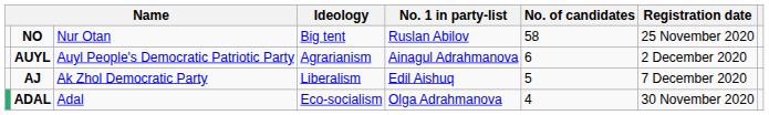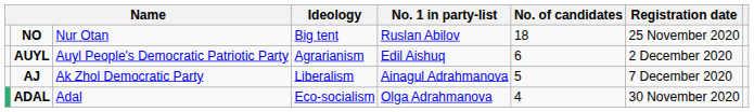 <table class="wikitable">
 <tr>
 <th colspan="3">Name</th>
 <th>Ideology</th>
 <th>No. 1 in party-list</th>
 <th>No. of candidates</th>
 <th>Registration date</th>
 <th></th>
 </tr>
 <tr>
 <td></td>
 <td align="center"><strong>NO</strong></td>
 <td><a href='#'>Nur Otan</a></td>
 <td><a href='#'>Big tent</a></td>
 <td><a href='#'>Ruslan Abilov</a></td>
-<td>58</td>
+<td>18</td>
 <td>25 November 2020</td>
 <td></td>
 </tr>
 <tr>
 <td></td>
 <td align="center"><strong>AUYL</strong></td>
 <td><a href='#'>Auyl People's Democratic Patriotic Party</a></td>
 <td><a href='#'>Agrarianism</a></td>
-<td><a href='#'>Ainagul Adrahmanova</a></td>
+<td><a href='#'>Edil Aishuq</a></td>
 <td>6</td>
 <td>2 December 2020</td>
 <td></td>
 </tr>
 <tr>
 <td></td>
 <td align="center"><strong>AJ</strong></td>
 <td><a href='#'>Ak Zhol Democratic Party</a></td>
 <td><a href='#'>Liberalism</a></td>
-<td><a href='#'>Edil Aishuq</a></td>
+<td><a href='#'>Ainagul Adrahmanova</a></td>
 <td>5</td>
 <td>7 December 2020</td>
 <td></td>
 </tr>
 <tr>
 <td bgcolor="#25B072"></td>
 <td align="center"><strong>ADAL</strong></td>
 <td><a href='#'>Adal</a></td>
 <td><a href='#'>Eco-socialism</a></td>
 <td><a href='#'>Olga Adrahmanova</a></td>
 <td>4</td>
 <td>30 November 2020</td>
 <td></td>
 </tr>
 </table>
